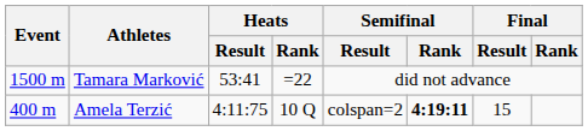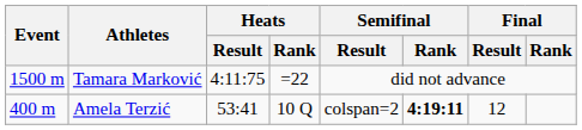 <table class="wikitable" border="1" style="font-size:90%">
 <tr>
 <th rowspan=2>Event</th>
 <th rowspan=2>Athletes</th>
 <th colspan=2>Heats</th>
 <th colspan=2>Semifinal</th>
 <th colspan=2>Final</th>
 </tr>
 <tr>
 <th>Result</th>
 <th>Rank</th>
 <th>Result</th>
 <th>Rank</th>
 <th>Result</th>
 <th>Rank</th>
 </tr>
 <tr>
 <td><a href='#'>1500 m</a></td>
 <td><a href='#'>Tamara Marković</a></td>
-<td align=center>53:41</td>
+<td align=center>4:11:75</td>
 <td align=center>=22</td>
 <td align=center colspan=4>did not advance</td>
 </tr>
 <tr>
 <td><a href='#'>400 m</a></td>
 <td><a href='#'>Amela Terzić</a></td>
-<td align=center>4:11:75</td>
+<td align=center>53:41</td>
 <td align=center>10 Q</td>
 <td>colspan=2 </td>
 <td align=center><strong>4:19:11</strong></td>
-<td align=center>15</td>
+<td align=center>12</td>
 </tr>
 </table>
